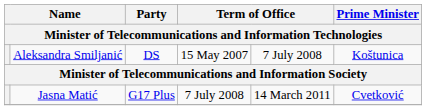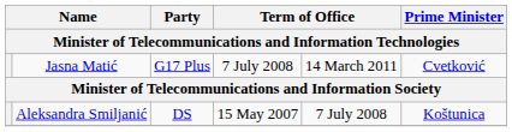 <table class="wikitable" style="text-align:center;">
 <tr>
 <th colspan=2>Name<br></th>
 <th>Party</th>
 <th colspan=2>Term of Office</th>
 <th><a href='#'>Prime Minister</a><br></th>
 </tr>
 <tr>
 <th colspan=6>Minister of Telecommunications and Information Technologies</th>
 </tr>
 <tr>
 <th style="background:"></th>
+<td><a href='#'>Jasna Matić</a><br></td>
+<td><a href='#'>G17 Plus</a></td>
+<td>7 July 2008</td>
+<td>14 March 2011</td>
+<td><a href='#'>Cvetković</a> </td>
+</tr>
+<tr>
+<th colspan=6>Minister of Telecommunications and Information Society</th>
+</tr>
+<tr>
+<th style="background:"></th>
 <td><a href='#'>Aleksandra Smiljanić</a><br></td>
 <td><a href='#'>DS</a></td>
 <td>15 May 2007</td>
 <td>7 July 2008</td>
 <td><a href='#'>Koštunica</a> </td>
 </tr>
 <tr>
-<th colspan=6>Minister of Telecommunications and Information Society</th>
-</tr>
-<tr>
-<th style="background:"></th>
-<td><a href='#'>Jasna Matić</a><br></td>
-<td><a href='#'>G17 Plus</a></td>
-<td>7 July 2008</td>
-<td>14 March 2011</td>
-<td><a href='#'>Cvetković</a> </td>
-</tr>
-<tr>
 </tr>
 </table>
